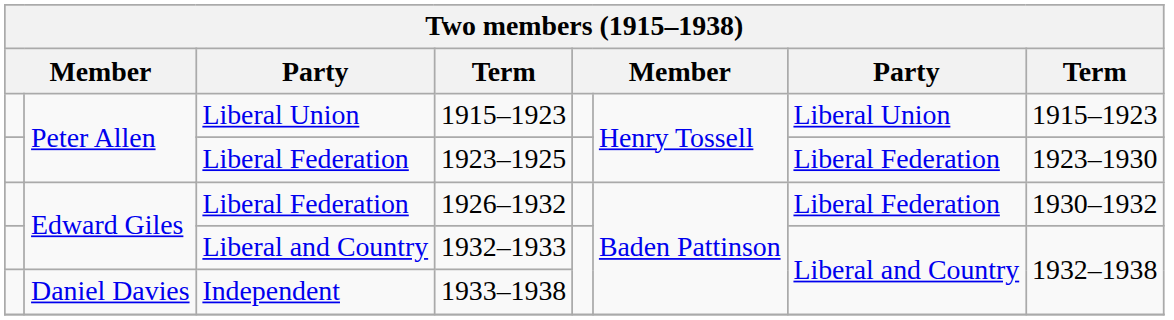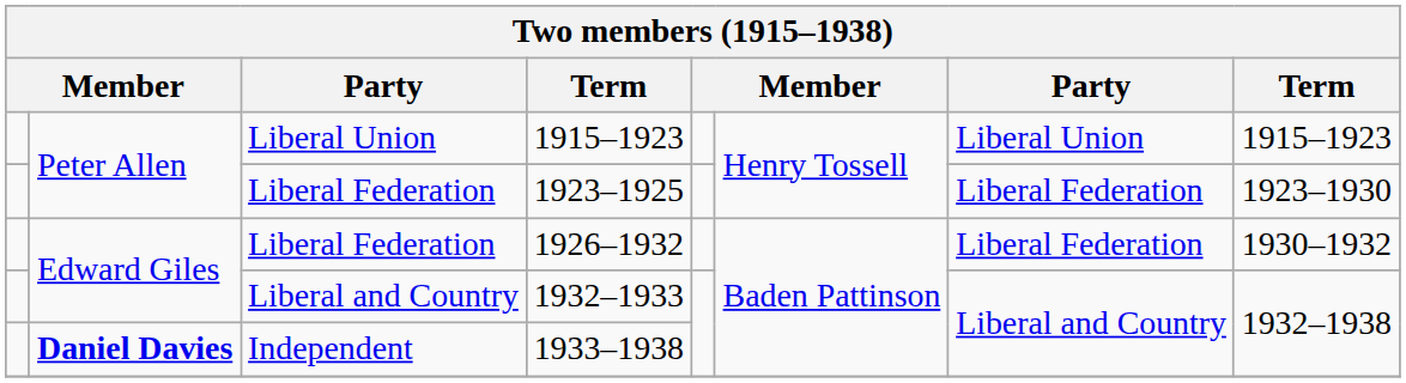 <table class="wikitable">
 <tr>
 <th colspan=8>Two members (1915–1938)</th>
 </tr>
 <tr>
 <th colspan=2>Member</th>
 <th>Party</th>
 <th>Term</th>
 <th colspan=2>Member</th>
 <th>Party</th>
 <th>Term</th>
 </tr>
 <tr>
 <td> </td>
 <td rowspan=2><a href='#'>Peter Allen</a></td>
 <td><a href='#'>Liberal Union</a></td>
 <td>1915–1923</td>
 <td> </td>
 <td rowspan=3><a href='#'>Henry Tossell</a></td>
 <td><a href='#'>Liberal Union</a></td>
 <td>1915–1923</td>
 </tr>
 <tr>
 <td> </td>
 <td><a href='#'>Liberal Federation</a></td>
 <td>1923–1925</td>
 <td rowspan=2 > </td>
 <td rowspan=2><a href='#'>Liberal Federation</a></td>
 <td rowspan=2>1923–1930</td>
 </tr>
 <tr>
 <td rowspan=2 > </td>
 <td rowspan=3><a href='#'>Edward Giles</a></td>
 <td rowspan=2><a href='#'>Liberal Federation</a></td>
 <td rowspan=2>1926–1932</td>
 </tr>
 <tr>
 <td> </td>
 <td rowspan=3><a href='#'>Baden Pattinson</a></td>
 <td><a href='#'>Liberal Federation</a></td>
 <td>1930–1932</td>
 </tr>
 <tr>
 <td> </td>
 <td><a href='#'>Liberal and Country</a></td>
 <td>1932–1933</td>
 <td rowspan=2 > </td>
 <td rowspan=2><a href='#'>Liberal and Country</a></td>
 <td rowspan=2>1932–1938</td>
 </tr>
 <tr>
 <td> </td>
-<td><a href='#'>Daniel Davies</a></td>
+<td><strong><a href='#'>Daniel Davies</a></strong></td>
 <td><a href='#'>Independent</a></td>
 <td>1933–1938</td>
 </tr>
 <tr>
 </tr>
 </table>
